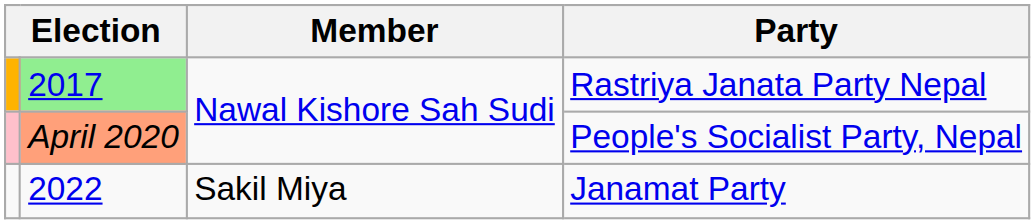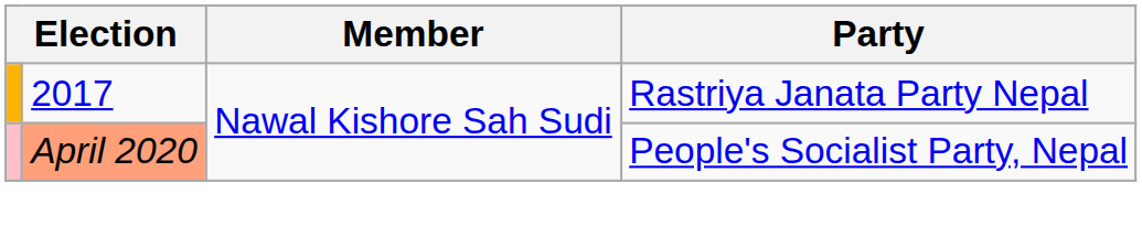 <table class="wikitable">
 <tr>
 <th colspan="2">Election</th>
 <th>Member</th>
 <th>Party</th>
 </tr>
 <tr>
 <td style="background-color:#ffb300"></td>
-<td style="background: lightgreen;"><a href='#'>2017</a></td>
+<td><a href='#'>2017</a></td>
 <td rowspan="2"><a href='#'>Nawal Kishore Sah Sudi</a></td>
 <td><a href='#'>Rastriya Janata Party Nepal</a></td>
 </tr>
 <tr>
 <td style="background-color:pink"></td>
 <td style="background: lightsalmon;"><em>April 2020</em></td>
 <td><a href='#'>People's Socialist Party, Nepal</a></td>
 </tr>
-<tr>
-<td style="background-color:"></td>
-<td><a href='#'>2022</a></td>
-<td>Sakil Miya</td>
-<td><a href='#'>Janamat Party</a></td>
-</tr>
 </table>
